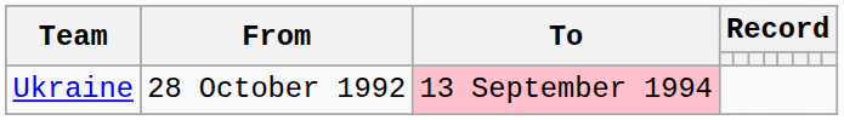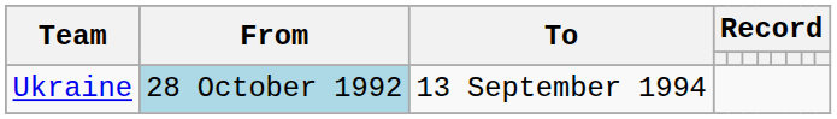 <table class="wikitable" style="text-align: center">
 <tr>
 <th rowspan=2>Team</th>
 <th rowspan=2>From</th>
 <th rowspan=2>To</th>
 <th colspan=8>Record</th>
 </tr>
 <tr>
 <th></th>
 <th></th>
 <th></th>
 <th></th>
 <th></th>
 <th></th>
 <th></th>
 <th></th>
 </tr>
 <tr>
 <td><a href='#'>Ukraine</a></td>
-<td>28 October 1992</td>
-<td style="background: pink;">13 September 1994<br></td>
+<td style="background: lightblue;">28 October 1992</td>
+<td>13 September 1994<br></td>
 </tr>
 </table>
